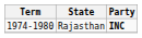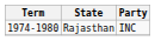 <table class="wikitable">
 <tr>
 <th>Term</th>
 <th>State</th>
 <th>Party</th>
 </tr>
 <tr>
 <td>1974-1980</td>
 <td>Rajasthan</td>
-<td><strong>INC</strong></td>
+<td>INC</td>
 </tr>
 <tr>
 </tr>
 </table>
